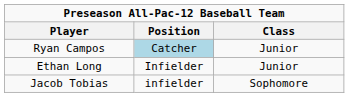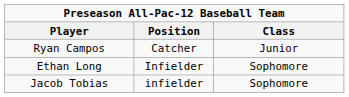 <table class="wikitable" style="text-align:center">
 <tr>
 <td colspan="3" style=><strong>Preseason All-Pac-12 Baseball Team</strong></td>
 </tr>
 <tr>
 <th style="width:150px; ">Player</th>
 <th style="width:90px; ">Position</th>
 <th style="width:150px; ">Class</th>
 </tr>
 <tr>
 <td>Ryan Campos</td>
-<td style="background: lightblue;">Catcher</td>
+<td>Catcher</td>
 <td>Junior</td>
 </tr>
 <tr>
 <td>Ethan Long</td>
 <td>Infielder</td>
-<td>Junior</td>
+<td>Sophomore</td>
 </tr>
 <tr>
 <td>Jacob Tobias</td>
 <td>infielder</td>
 <td>Sophomore</td>
 </tr>
 </table>
